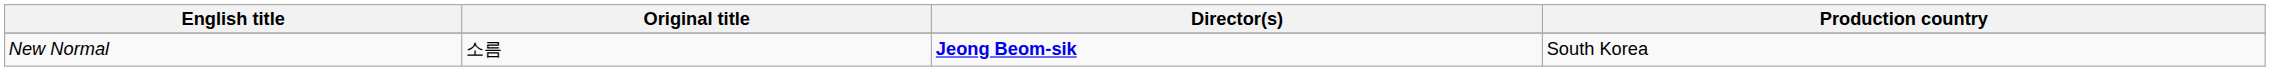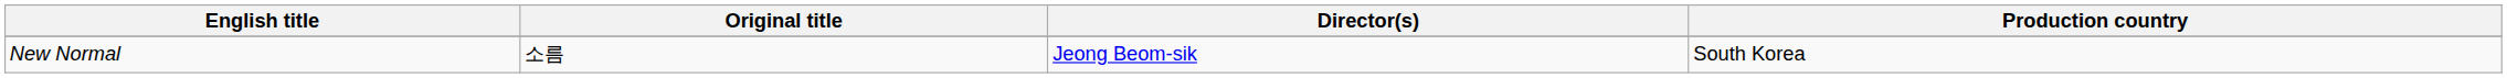 <table class="sortable wikitable" style="width:100%; margin-bottom:2px" cellpadding="5">
 <tr>
 <th scope="col">English title</th>
 <th scope="col">Original title</th>
 <th scope="col">Director(s)</th>
 <th scope="col">Production country</th>
 </tr>
 <tr style="background:#FFDEAD;">
 </tr>
 <tr>
 <td><em>New Normal</em></td>
 <td>소름</td>
-<td><strong><a href='#'>Jeong Beom-sik</a></strong></td>
+<td><a href='#'>Jeong Beom-sik</a></td>
 <td>South Korea</td>
 </tr>
 </table>
